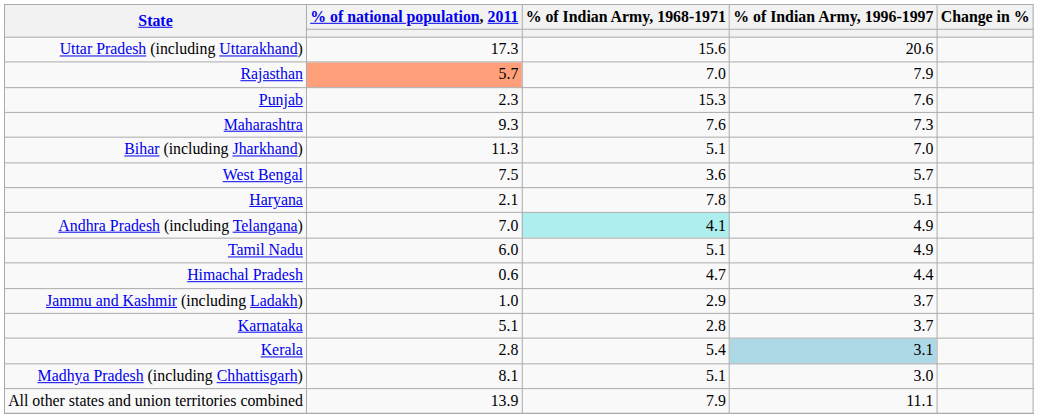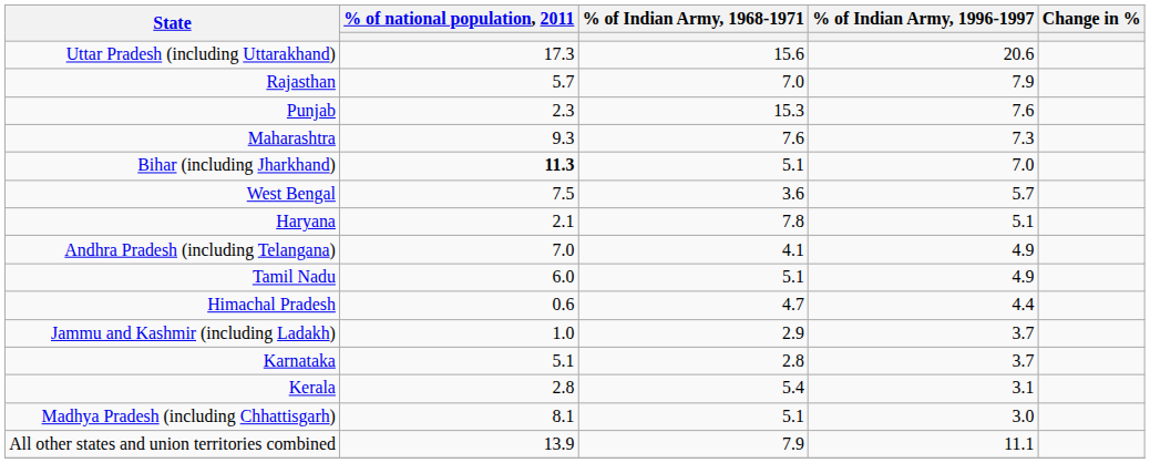 <table class="wikitable collapsible sortable col1left" style="text-align:right">
 <tr>
 <th rowspan="2"><a href='#'>State</a></th>
 <th colspan="1"><a href='#'>% of national population</a>, <a href='#'>2011</a></th>
 <th colspan="1">% of Indian Army, 1968-1971</th>
 <th colspan="1">% of Indian Army, 1996-1997</th>
 <th colspan="1">Change in %</th>
 </tr>
 <tr>
 <th></th>
 <th></th>
 <th></th>
 <th></th>
 </tr>
 <tr>
 <td><a href='#'>Uttar Pradesh</a> (including <a href='#'>Uttarakhand</a>)</td>
 <td>17.3</td>
 <td>15.6</td>
 <td>20.6</td>
 <td></td>
 </tr>
 <tr>
 <td><a href='#'>Rajasthan</a></td>
-<td style="background: lightsalmon;">5.7</td>
+<td>5.7</td>
 <td>7.0</td>
 <td>7.9</td>
 <td></td>
 </tr>
 <tr>
 <td><a href='#'>Punjab</a></td>
 <td>2.3</td>
 <td>15.3</td>
 <td>7.6</td>
 <td></td>
 </tr>
 <tr>
 <td><a href='#'>Maharashtra</a></td>
 <td>9.3</td>
 <td>7.6</td>
 <td>7.3</td>
 <td></td>
 </tr>
 <tr>
 <td><a href='#'>Bihar</a> (including <a href='#'>Jharkhand</a>)</td>
-<td>11.3</td>
+<td><strong>11.3</strong></td>
 <td>5.1</td>
 <td>7.0</td>
 <td></td>
 </tr>
 <tr>
 <td><a href='#'>West Bengal</a></td>
 <td>7.5</td>
 <td>3.6</td>
 <td>5.7</td>
 <td></td>
 </tr>
 <tr>
 <td><a href='#'>Haryana</a></td>
 <td>2.1</td>
 <td>7.8</td>
 <td>5.1</td>
 <td></td>
 </tr>
 <tr>
 <td><a href='#'>Andhra Pradesh</a> (including <a href='#'>Telangana</a>)</td>
 <td>7.0</td>
-<td style="background: paleturquoise;">4.1</td>
+<td>4.1</td>
 <td>4.9</td>
 <td></td>
 </tr>
 <tr>
 <td><a href='#'>Tamil Nadu</a></td>
 <td>6.0</td>
 <td>5.1</td>
 <td>4.9</td>
 <td></td>
 </tr>
 <tr>
 <td><a href='#'>Himachal Pradesh</a></td>
 <td>0.6</td>
 <td>4.7</td>
 <td>4.4</td>
 <td></td>
 </tr>
 <tr>
 <td><a href='#'>Jammu and Kashmir</a> (including <a href='#'>Ladakh</a>)</td>
 <td>1.0</td>
 <td>2.9</td>
 <td>3.7</td>
 <td></td>
 </tr>
 <tr>
 <td><a href='#'>Karnataka</a></td>
 <td>5.1</td>
 <td>2.8</td>
 <td>3.7</td>
 <td></td>
 </tr>
 <tr>
 <td><a href='#'>Kerala</a></td>
 <td>2.8</td>
 <td>5.4</td>
-<td style="background: lightblue;">3.1</td>
+<td>3.1</td>
 <td></td>
 </tr>
 <tr>
 <td><a href='#'>Madhya Pradesh</a> (including <a href='#'>Chhattisgarh</a>)</td>
 <td>8.1</td>
 <td>5.1</td>
 <td>3.0</td>
 <td></td>
 </tr>
 <tr>
 <td>All other states and union territories combined</td>
 <td>13.9</td>
 <td>7.9</td>
 <td>11.1</td>
 <td></td>
 </tr>
 <tr>
 </tr>
 </table>
